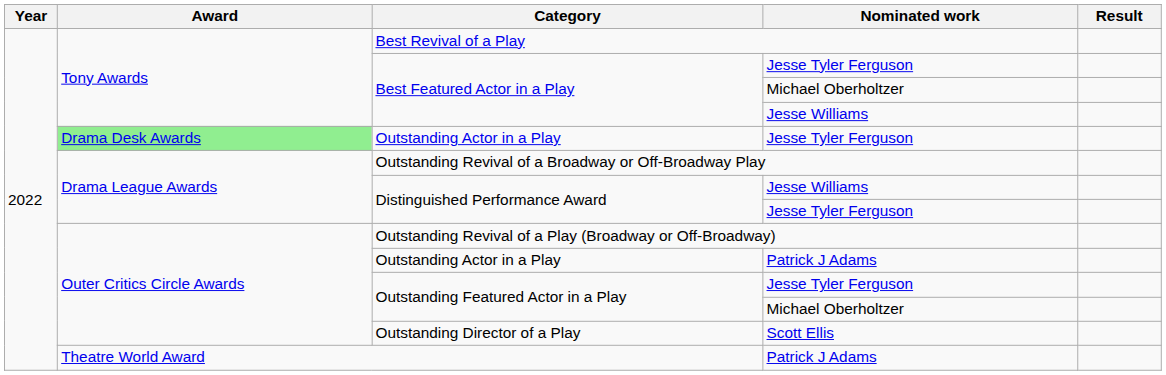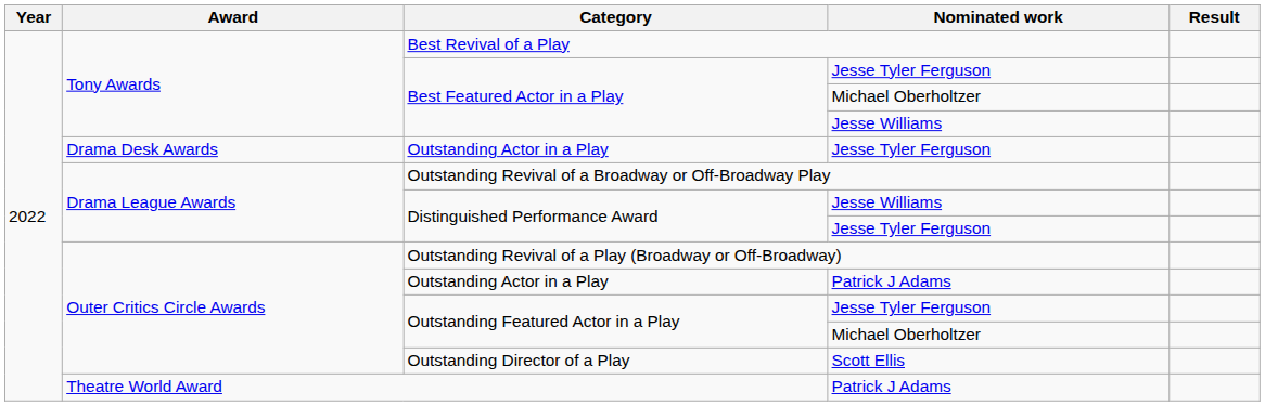 <table class="wikitable">
 <tr>
 <th scope="col" style="width:3em;">Year</th>
 <th scope="col" style="width:20em;">Award</th>
 <th scope="col" style="width:25em;">Category</th>
 <th scope="col" style="width:20em;">Nominated work</th>
 <th scope="col" style="width:5em;">Result</th>
 </tr>
 <tr>
 <td rowspan="14">2022</td>
 <td rowspan="4"><a href='#'>Tony Awards</a></td>
 <td colspan="2"><a href='#'>Best Revival of a Play</a></td>
 <td></td>
 </tr>
 <tr>
 <td rowspan="3"><a href='#'>Best Featured Actor in a Play</a></td>
 <td><a href='#'>Jesse Tyler Ferguson</a></td>
 <td></td>
 </tr>
 <tr won>
 <td>Michael Oberholtzer</td>
 <td></td>
 </tr>
 <tr>
 <td><a href='#'>Jesse Williams</a></td>
 <td></td>
 </tr>
 <tr>
-<td style="background: lightgreen;"><a href='#'>Drama Desk Awards</a></td>
+<td><a href='#'>Drama Desk Awards</a></td>
 <td><a href='#'>Outstanding Actor in a Play</a></td>
 <td><a href='#'>Jesse Tyler Ferguson</a></td>
 <td></td>
 </tr>
 <tr>
 <td rowspan="3"><a href='#'>Drama League Awards</a></td>
 <td colspan="2">Outstanding Revival of a Broadway or Off-Broadway Play</td>
 <td></td>
 </tr>
 <tr>
 <td rowspan="2">Distinguished Performance Award</td>
 <td><a href='#'>Jesse Williams</a></td>
 <td></td>
 </tr>
 <tr>
 <td><a href='#'>Jesse Tyler Ferguson</a></td>
 <td></td>
 </tr>
 <tr>
 <td rowspan="5"><a href='#'>Outer Critics Circle Awards</a></td>
 <td colspan="2">Outstanding Revival of a Play (Broadway or Off-Broadway)</td>
 <td></td>
 </tr>
 <tr>
 <td>Outstanding Actor in a Play</td>
 <td><a href='#'>Patrick J Adams</a></td>
 <td></td>
 </tr>
 <tr>
 <td rowspan="2">Outstanding Featured Actor in a Play</td>
 <td><a href='#'>Jesse Tyler Ferguson</a></td>
 <td></td>
 </tr>
 <tr>
 <td>Michael Oberholtzer</td>
 <td></td>
 </tr>
 <tr>
 <td>Outstanding Director of a Play</td>
 <td><a href='#'>Scott Ellis</a></td>
 <td></td>
 </tr>
 <tr>
 <td colspan="2"><a href='#'>Theatre World Award</a></td>
 <td><a href='#'>Patrick J Adams</a></td>
 <td></td>
 </tr>
 </table>
